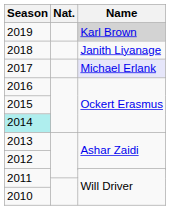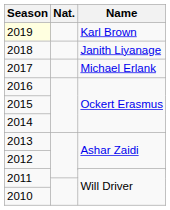 <table class="wikitable defaultcenter col3left">
 <tr>
 <th>Season</th>
 <th>Nat.</th>
 <th>Name</th>
 </tr>
 <tr>
-<td>2019</td>
+<td style="background: lightyellow;">2019</td>
 <td></td>
-<td style="background: lightgrey;"><a href='#'>Karl Brown</a></td>
+<td><a href='#'>Karl Brown</a></td>
 </tr>
 <tr>
 <td>2018</td>
 <td></td>
 <td><a href='#'>Janith Liyanage</a></td>
 </tr>
 <tr>
 <td>2017</td>
 <td></td>
-<td style="background: lavender;"><a href='#'>Michael Erlank</a></td>
+<td><a href='#'>Michael Erlank</a></td>
 </tr>
 <tr>
 <td>2016</td>
 <td rowspan="3"></td>
 <td rowspan="3"><a href='#'>Ockert Erasmus</a></td>
 </tr>
 <tr>
 <td>2015</td>
 </tr>
 <tr>
-<td style="background: paleturquoise;">2014</td>
+<td>2014</td>
 </tr>
 <tr>
 <td>2013</td>
 <td rowspan="4"></td>
 <td rowspan="3"><a href='#'>Ashar Zaidi</a></td>
 </tr>
 <tr>
 <td>2012</td>
 </tr>
 <tr>
 <td rowspan="3">2011</td>
 </tr>
 <tr>
 <td rowspan="3">Will Driver</td>
 </tr>
 <tr>
 <td rowspan="2"></td>
 </tr>
 <tr>
 <td>2010</td>
 </tr>
 </table>
